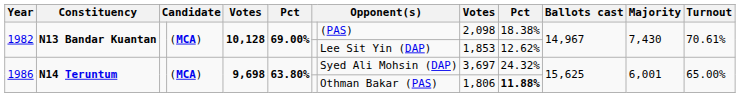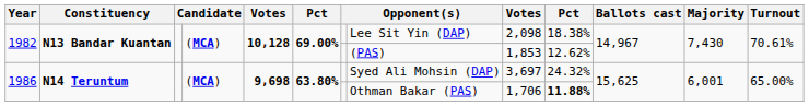 <table class="wikitable" style="margin:0.5em ; font-size:95%">
 <tr>
 <th>Year</th>
 <th>Constituency</th>
 <th colspan=2>Candidate</th>
 <th>Votes</th>
 <th>Pct</th>
 <th colspan=2>Opponent(s)</th>
 <th>Votes</th>
 <th>Pct</th>
 <th>Ballots cast</th>
 <th>Majority</th>
 <th>Turnout</th>
 </tr>
 <tr>
 <td rowspan=2><a href='#'>1982</a></td>
 <td rowspan=2><strong>N13 Bandar Kuantan</strong></td>
 <td rowspan=2 ></td>
 <td rowspan=2> (<a href='#'><strong>MCA</strong></a>)</td>
 <td rowspan=2 align=right><strong>10,128</strong></td>
 <td rowspan=2><strong>69.00%</strong></td>
 <td></td>
-<td> (<a href='#'>PAS</a>)</td>
+<td>Lee Sit Yin (<a href='#'>DAP</a>)</td>
 <td align=right>2,098</td>
 <td>18.38%</td>
 <td rowspan=2>14,967</td>
 <td rowspan=2>7,430</td>
 <td rowspan=2>70.61%</td>
 </tr>
 <tr>
 <td></td>
-<td>Lee Sit Yin (<a href='#'>DAP</a>)</td>
+<td> (<a href='#'>PAS</a>)</td>
 <td align=right>1,853</td>
 <td>12.62%</td>
 </tr>
 <tr>
 <td rowspan=2><a href='#'>1986</a></td>
 <td rowspan=2><strong>N14 <a href='#'>Teruntum</a></strong></td>
 <td rowspan=2 ></td>
 <td rowspan=2> (<a href='#'><strong>MCA</strong></a>)</td>
 <td rowspan=2 align=right><strong>9,698</strong></td>
 <td rowspan=2><strong>63.80%</strong></td>
 <td></td>
 <td>Syed Ali Mohsin (<a href='#'>DAP</a>)</td>
 <td align=right>3,697</td>
 <td>24.32%</td>
 <td rowspan=2>15,625</td>
 <td rowspan=2>6,001</td>
 <td rowspan=2>65.00%</td>
 </tr>
 <tr>
 <td></td>
 <td>Othman Bakar (<a href='#'>PAS</a>)</td>
-<td align=right>1,806</td>
+<td align=right>1,706</td>
 <td><strong>11.88%</strong></td>
 </tr>
 </table>
